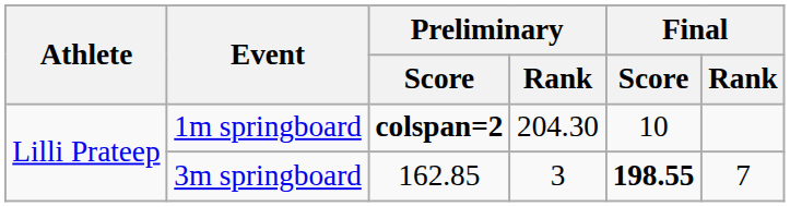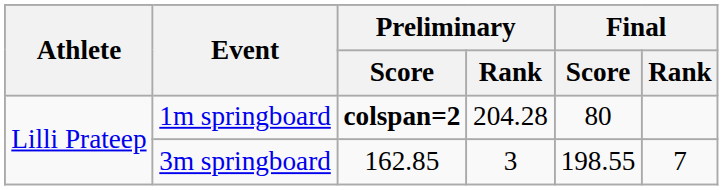 <table class="wikitable" style="font-size:90%;text-align:center">
 <tr>
 <th rowspan="2">Athlete</th>
 <th rowspan="2">Event</th>
 <th colspan="2">Preliminary</th>
 <th colspan="2">Final</th>
 </tr>
 <tr>
 <th>Score</th>
 <th>Rank</th>
 <th>Score</th>
 <th>Rank</th>
 </tr>
 <tr>
 <td align="left" rowspan="2"><a href='#'>Lilli Prateep</a></td>
 <td align="left"><a href='#'>1m springboard</a></td>
 <td><strong>colspan=2 </strong></td>
-<td>204.30</td>
-<td>10</td>
+<td>204.28</td>
+<td>80</td>
 </tr>
 <tr>
 <td align="left"><a href='#'>3m springboard</a></td>
 <td>162.85</td>
 <td>3 <strong></strong></td>
-<td><strong>198.55</strong></td>
+<td>198.55</td>
 <td>7</td>
 </tr>
 </table>
